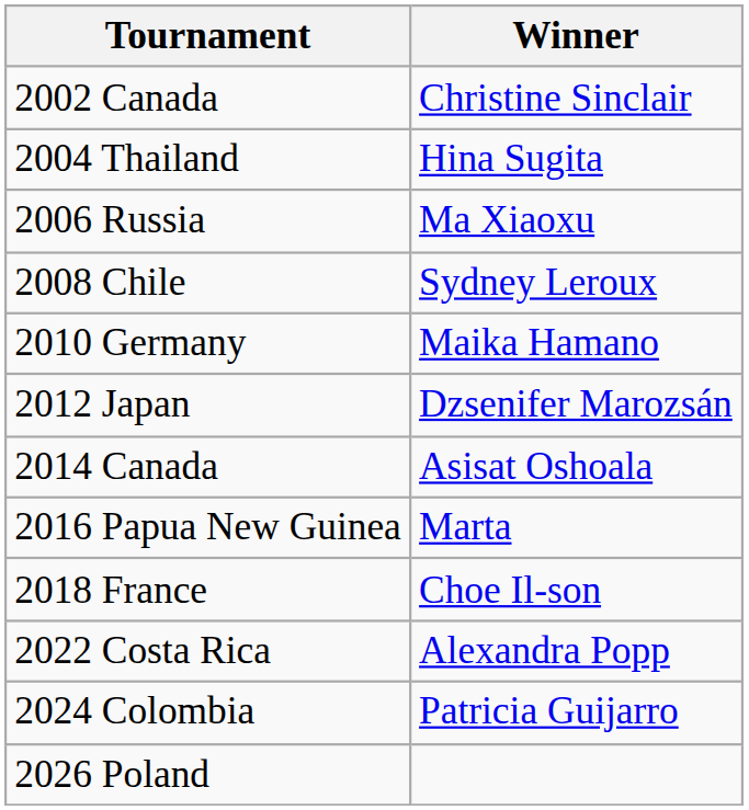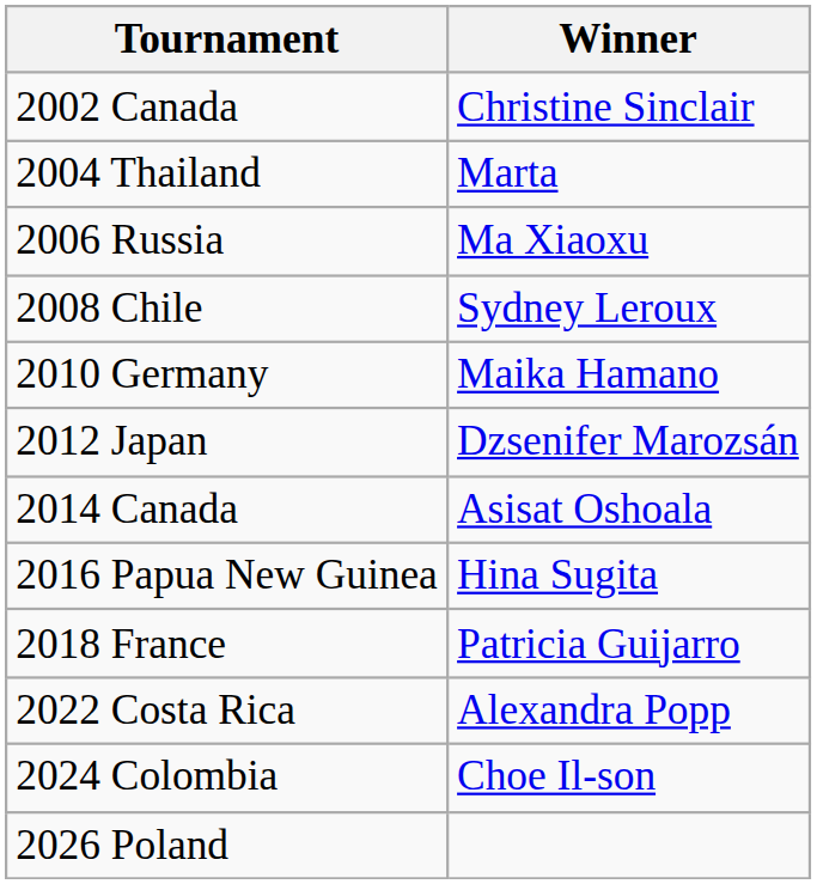 <table class="wikitable">
 <tr>
 <th>Tournament</th>
 <th>Winner</th>
 </tr>
 <tr>
 <td>2002 Canada</td>
 <td> <a href='#'>Christine Sinclair</a></td>
 </tr>
 <tr>
 <td>2004 Thailand</td>
-<td> <a href='#'>Hina Sugita</a></td>
+<td> <a href='#'>Marta</a></td>
 </tr>
 <tr>
 <td>2006 Russia</td>
 <td> <a href='#'>Ma Xiaoxu</a></td>
 </tr>
 <tr>
 <td>2008 Chile</td>
 <td> <a href='#'>Sydney Leroux</a></td>
 </tr>
 <tr>
 <td>2010 Germany</td>
 <td> <a href='#'>Maika Hamano</a></td>
 </tr>
 <tr>
 <td>2012 Japan</td>
 <td> <a href='#'>Dzsenifer Marozsán</a></td>
 </tr>
 <tr>
 <td>2014 Canada</td>
 <td> <a href='#'>Asisat Oshoala</a></td>
 </tr>
 <tr>
 <td>2016 Papua New Guinea</td>
-<td> <a href='#'>Marta</a></td>
+<td> <a href='#'>Hina Sugita</a></td>
 </tr>
 <tr>
 <td>2018 France</td>
-<td> <a href='#'>Choe Il-son</a></td>
+<td> <a href='#'>Patricia Guijarro</a></td>
 </tr>
 <tr>
 <td>2022 Costa Rica</td>
 <td> <a href='#'>Alexandra Popp</a></td>
 </tr>
 <tr>
 <td>2024 Colombia</td>
-<td> <a href='#'>Patricia Guijarro</a></td>
+<td> <a href='#'>Choe Il-son</a></td>
 </tr>
 <tr>
 <td>2026 Poland</td>
 <td></td>
 </tr>
 </table>
